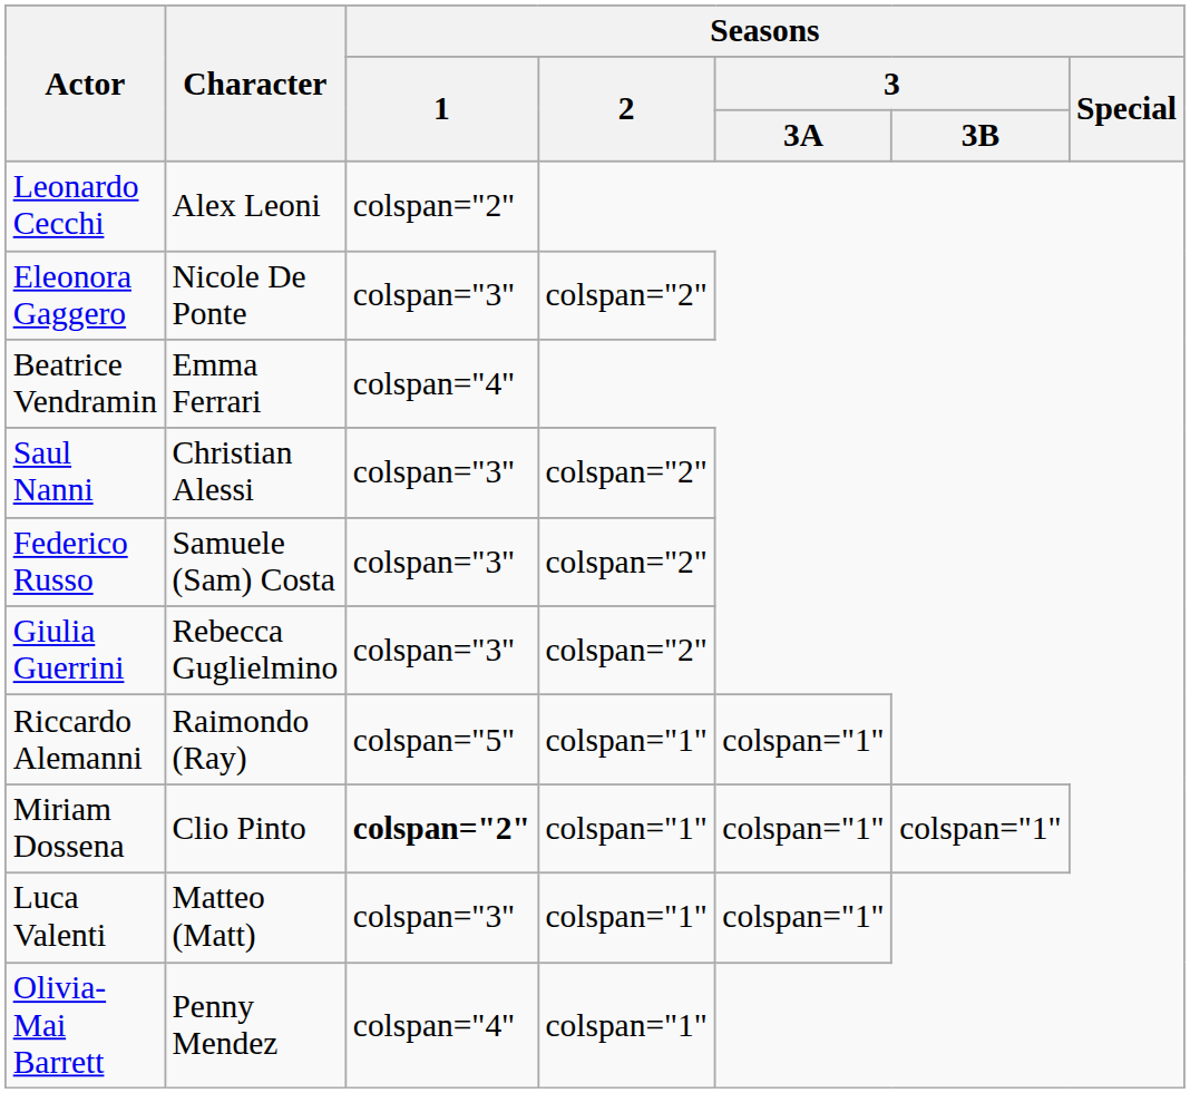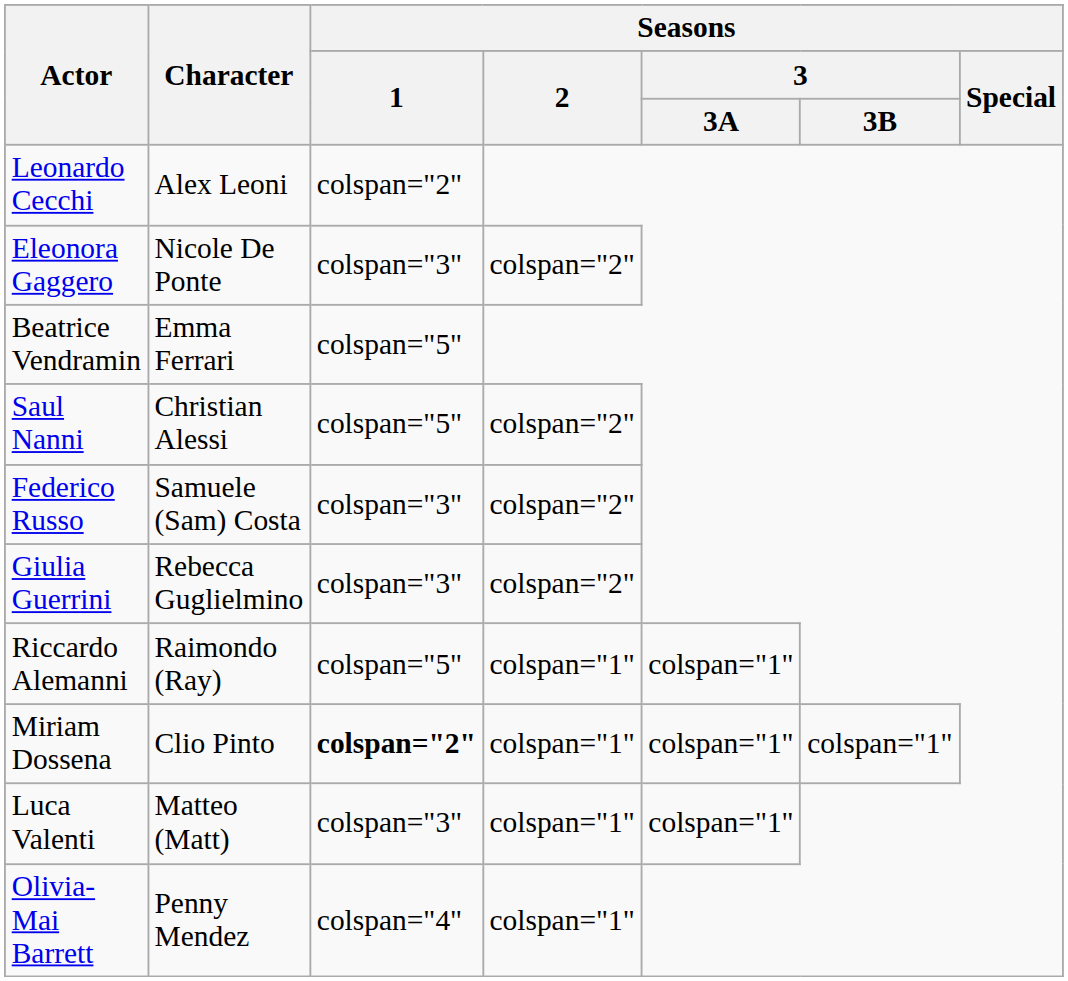 <table class="wikitable" width="70%">
 <tr>
 <th rowspan="3">Actor</th>
 <th rowspan="3">Character</th>
 <th colspan="5">Seasons</th>
 </tr>
 <tr>
 <th rowspan="2" style="width:70px;">1</th>
 <th rowspan="2" style="width:70px;">2</th>
 <th colspan="2" style="width:70px;">3</th>
 <th rowspan="2" style="width:70px;">Special</th>
 </tr>
 <tr>
 <th>3A</th>
 <th>3B</th>
 </tr>
 <tr>
 <td><a href='#'>Leonardo Cecchi</a></td>
 <td>Alex Leoni</td>
 <td>colspan="2" </td>
 </tr>
 <tr>
 <td><a href='#'>Eleonora Gaggero</a></td>
 <td>Nicole De Ponte</td>
 <td>colspan="3" </td>
 <td>colspan="2" </td>
 </tr>
 <tr>
 <td>Beatrice Vendramin</td>
 <td>Emma Ferrari</td>
-<td>colspan="4" </td>
+<td>colspan="5" </td>
 </tr>
 <tr>
 <td><a href='#'>Saul Nanni</a></td>
 <td>Christian Alessi</td>
-<td>colspan="3" </td>
+<td>colspan="5" </td>
 <td>colspan="2" </td>
 </tr>
 <tr>
 <td><a href='#'>Federico Russo</a></td>
 <td>Samuele (Sam) Costa</td>
 <td>colspan="3" </td>
 <td>colspan="2" </td>
 </tr>
 <tr>
 <td><a href='#'>Giulia Guerrini</a></td>
 <td>Rebecca Guglielmino</td>
 <td>colspan="3" </td>
 <td>colspan="2" </td>
 </tr>
 <tr>
 <td>Riccardo Alemanni</td>
 <td>Raimondo (Ray)</td>
 <td>colspan="5" </td>
 <td>colspan="1" </td>
 <td>colspan="1" </td>
 </tr>
 <tr>
 <td>Miriam Dossena</td>
 <td>Clio Pinto</td>
 <td><strong>colspan="2" </strong></td>
 <td>colspan="1" </td>
 <td>colspan="1" </td>
 <td>colspan="1" </td>
 </tr>
 <tr>
 <td>Luca Valenti</td>
 <td>Matteo (Matt)</td>
 <td>colspan="3" </td>
 <td>colspan="1" </td>
 <td>colspan="1" </td>
 </tr>
 <tr>
 <td><a href='#'>Olivia-Mai Barrett</a></td>
 <td>Penny Mendez</td>
 <td>colspan="4" </td>
 <td>colspan="1" </td>
 </tr>
 </table>
